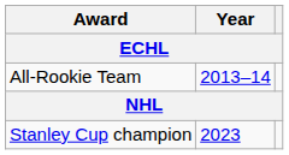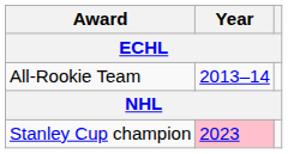 <table class="wikitable">
 <tr>
 <th>Award</th>
 <th>Year</th>
 <th></th>
 </tr>
 <tr>
 <th colspan="3"><a href='#'>ECHL</a></th>
 </tr>
 <tr>
 <td>All-Rookie Team</td>
 <td><a href='#'>2013–14</a></td>
 <td></td>
 </tr>
 <tr>
 <th colspan="3"><a href='#'>NHL</a></th>
 </tr>
 <tr>
 <td><a href='#'>Stanley Cup</a> champion</td>
-<td><a href='#'>2023</a></td>
+<td style="background: pink;"><a href='#'>2023</a></td>
 <td></td>
 </tr>
 </table>
